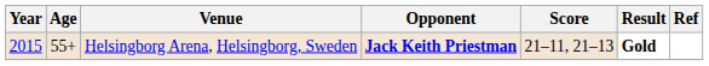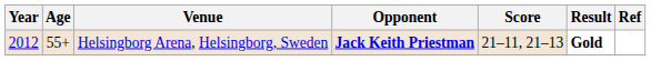 <table class="sortable wikitable" style="font-size: 90%;">
 <tr>
 <th>Year</th>
 <th>Age</th>
 <th>Venue</th>
 <th>Opponent</th>
 <th>Score</th>
 <th>Result</th>
 <th>Ref</th>
 </tr>
 <tr style="background:#F3E6D7">
-<td align="center"><a href='#'>2015</a></td>
+<td align="center"><a href='#'>2012</a></td>
 <td align="center">55+</td>
 <td align="left"><a href='#'>Helsingborg Arena</a>, <a href='#'>Helsingborg, Sweden</a></td>
 <td align="left"><strong> <a href='#'>Jack Keith Priestman</a></strong></td>
 <td align="left">21–11, 21–13</td>
 <td style="text-align:left; background:white"> <strong>Gold</strong></td>
 <td style="text-align:center; background:white"></td>
 </tr>
 <tr>
 </tr>
 </table>
